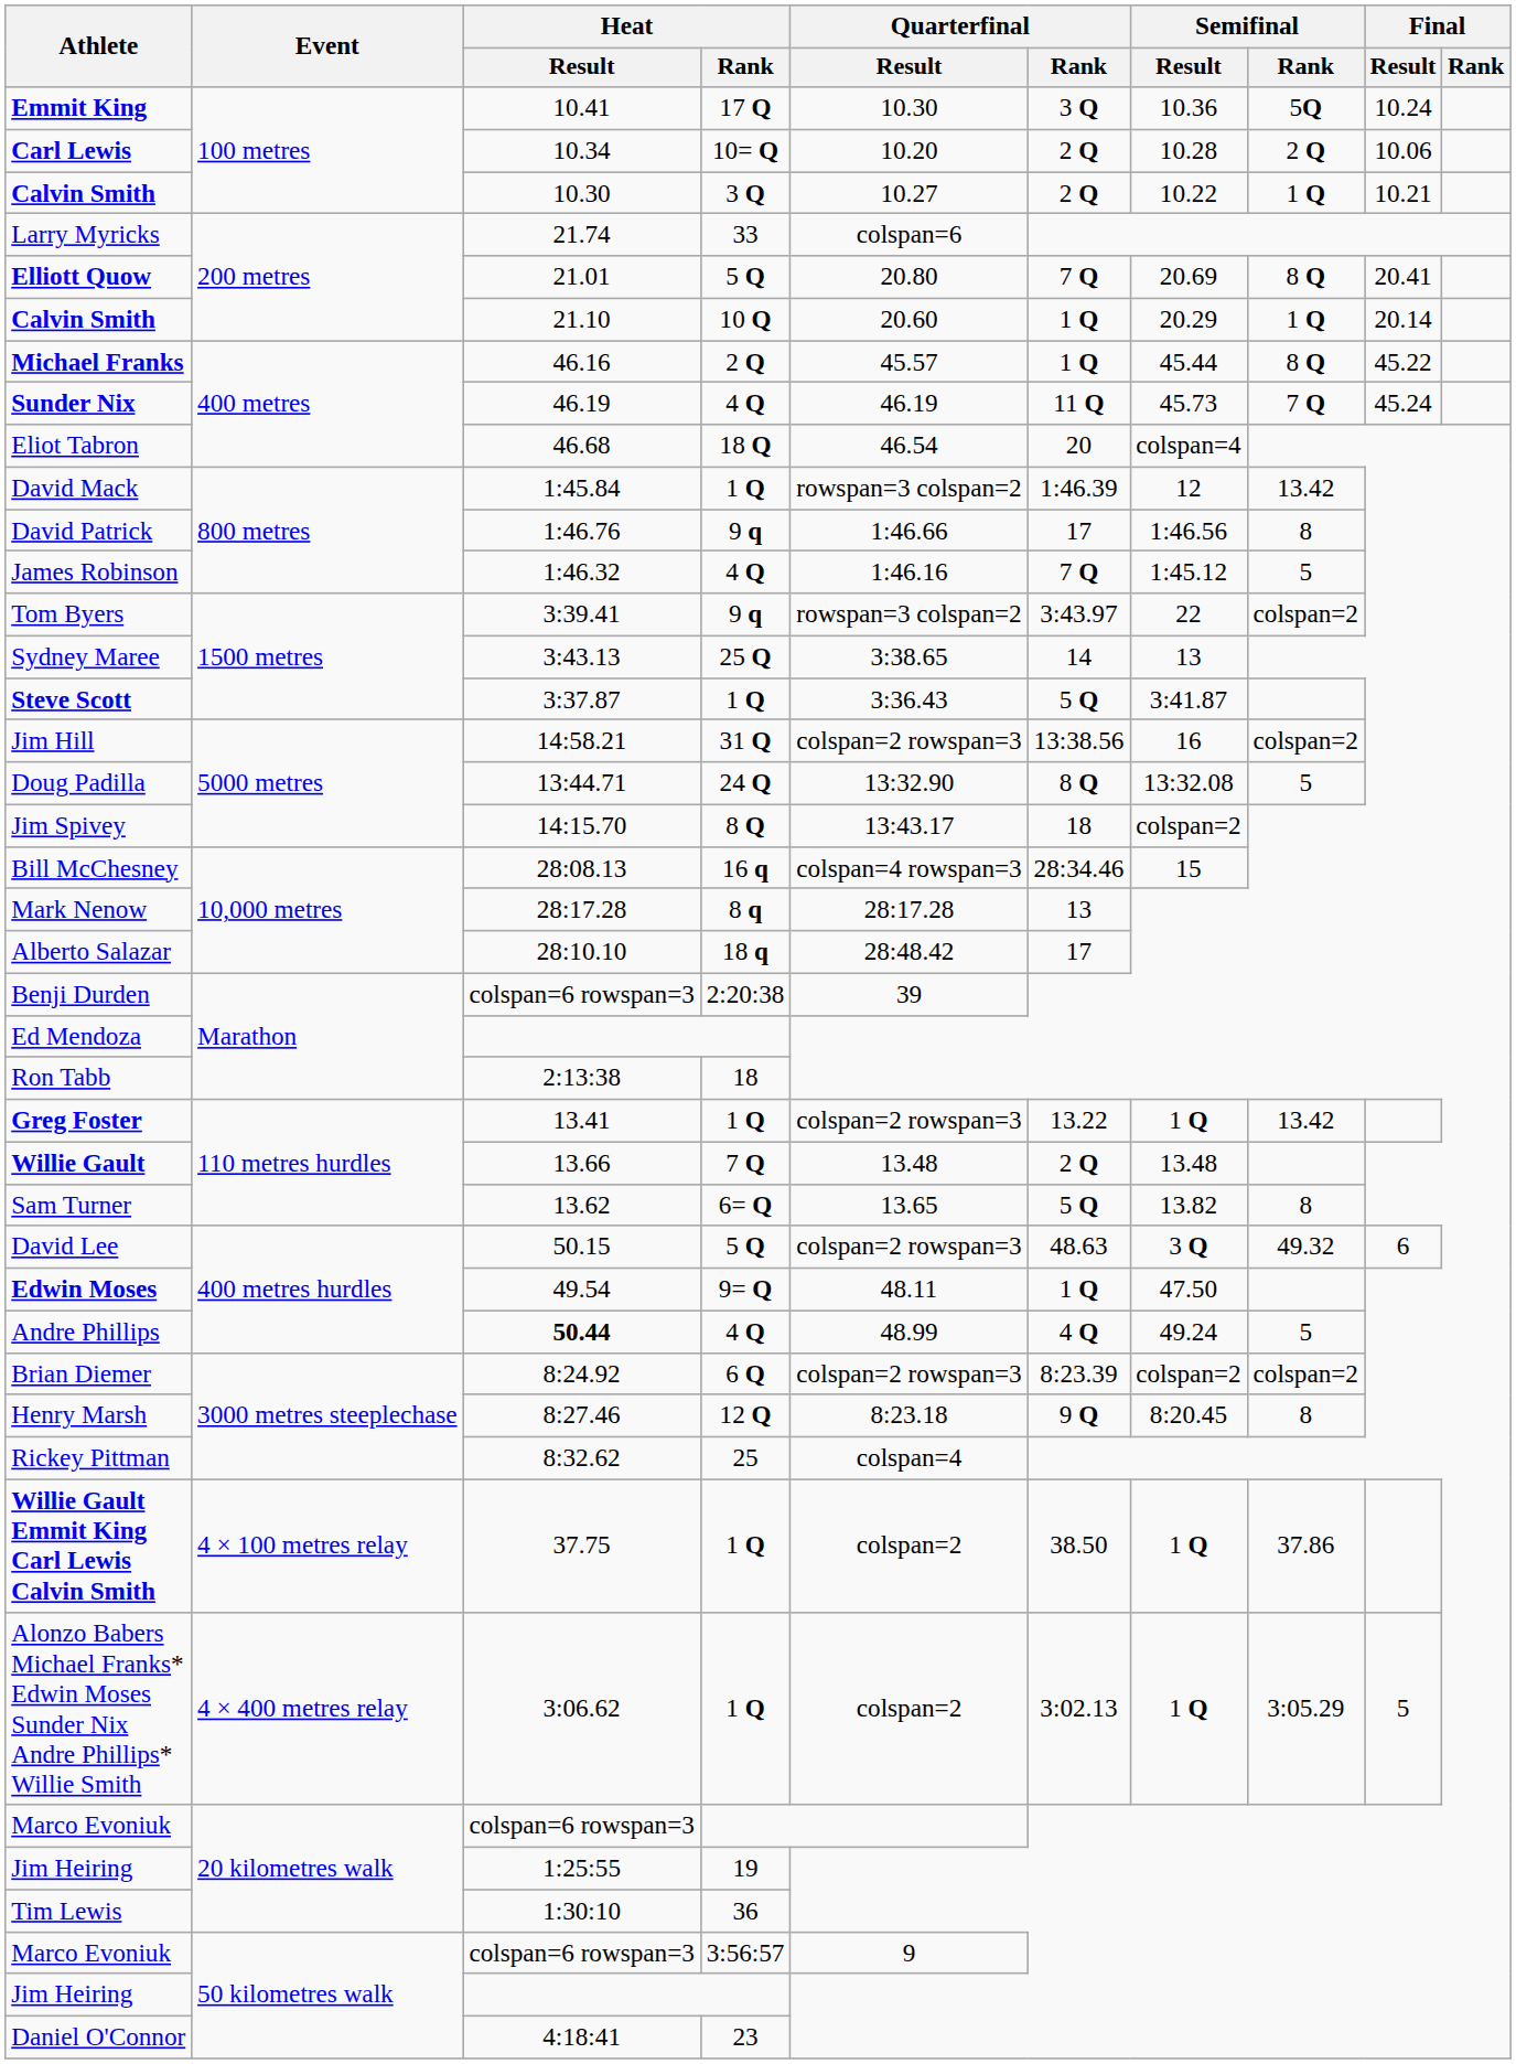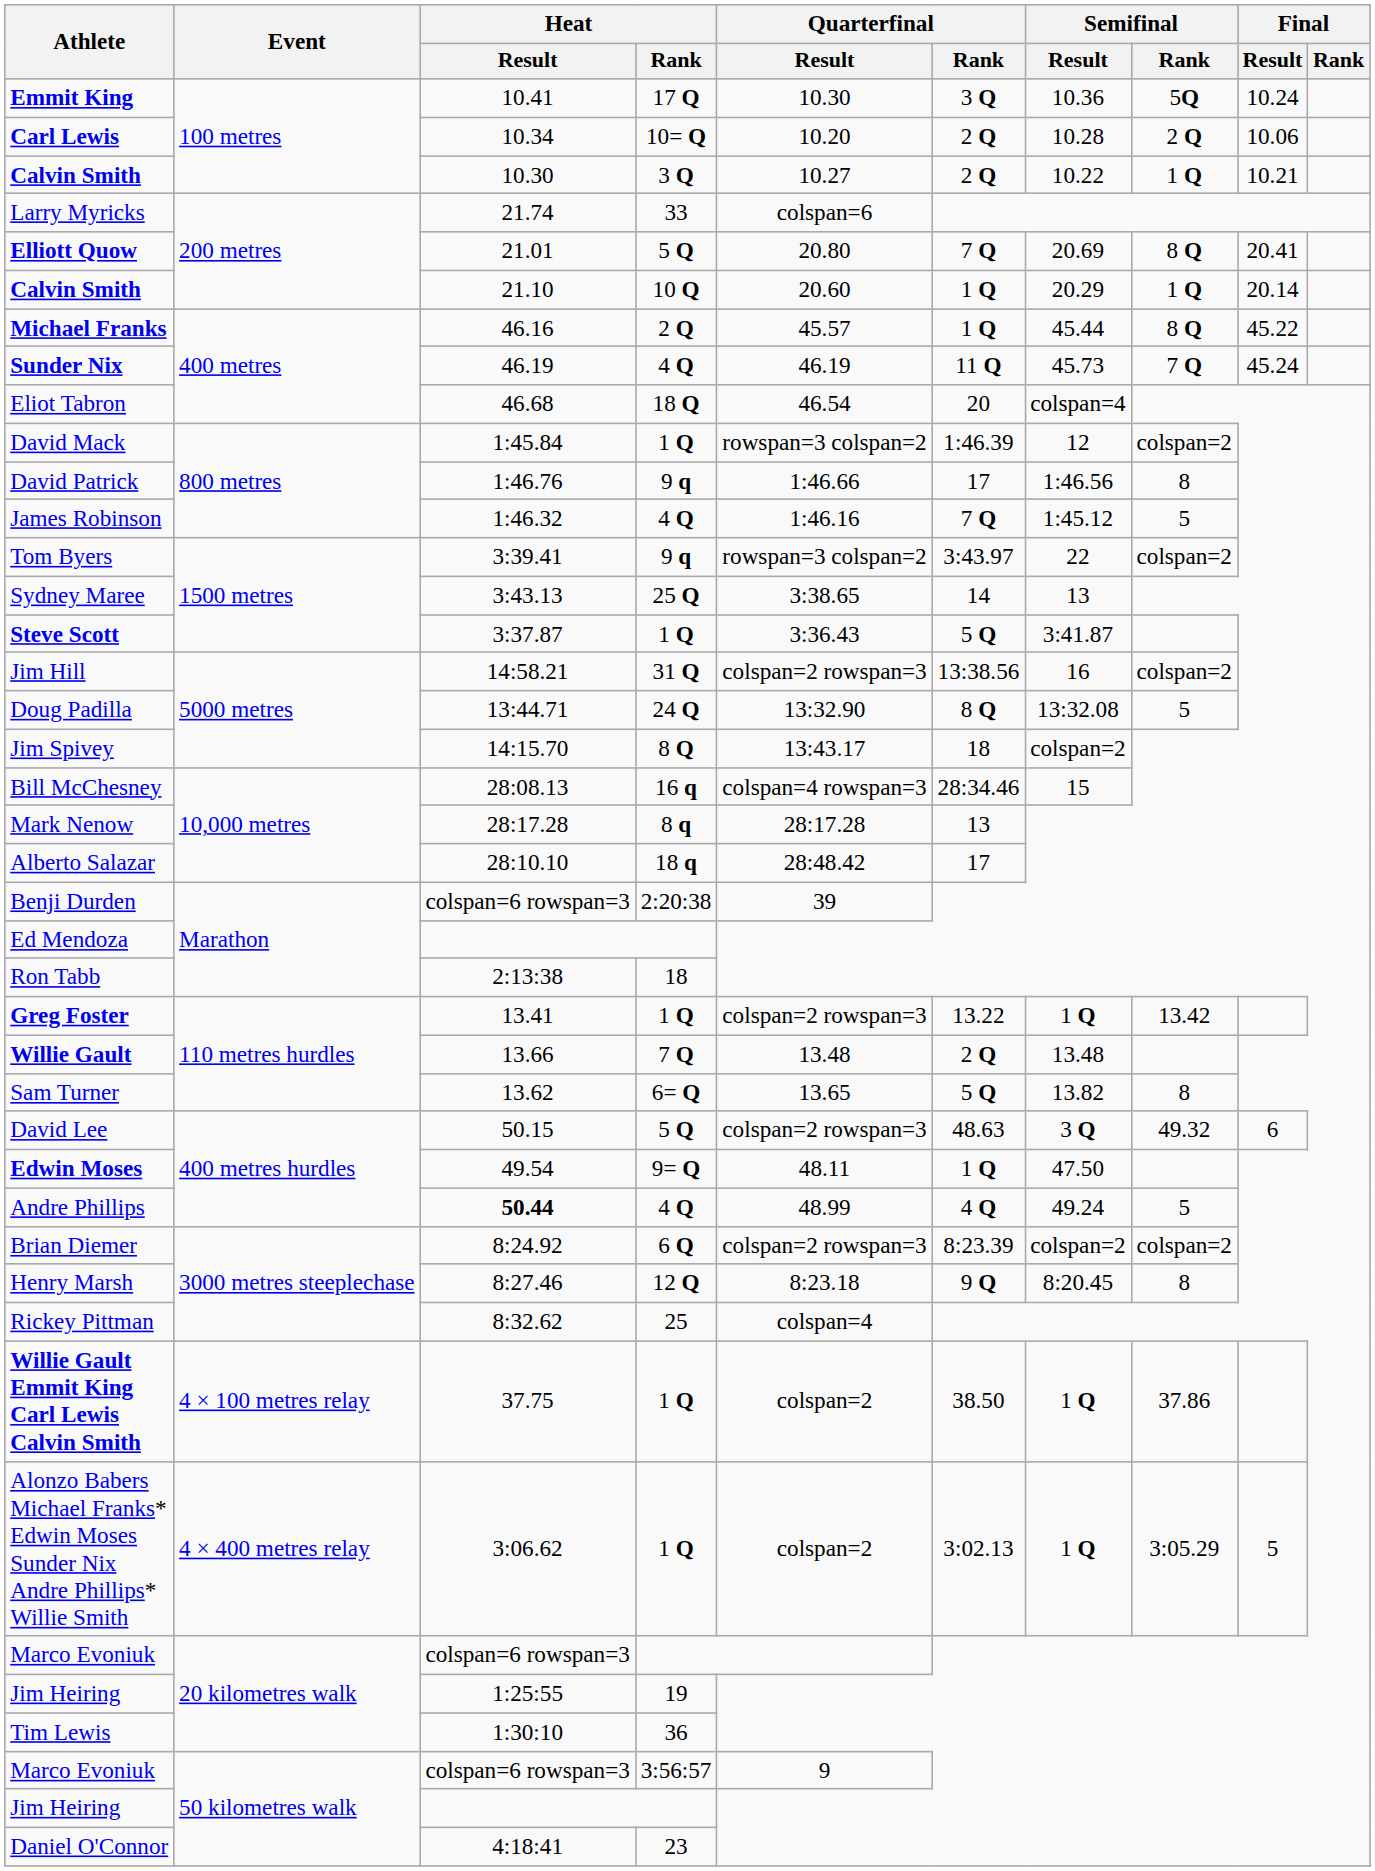 <table class=wikitable style=font-size:90%>
 <tr>
 <th rowspan=2>Athlete</th>
 <th rowspan=2>Event</th>
 <th colspan=2>Heat</th>
 <th colspan=2>Quarterfinal</th>
 <th colspan=2>Semifinal</th>
 <th colspan=2>Final</th>
 </tr>
 <tr style=font-size:95%>
 <th>Result</th>
 <th>Rank</th>
 <th>Result</th>
 <th>Rank</th>
 <th>Result</th>
 <th>Rank</th>
 <th>Result</th>
 <th>Rank</th>
 </tr>
 <tr align=center>
 <td align=left><strong><a href='#'>Emmit King</a></strong></td>
 <td align=left rowspan=3><a href='#'>100 metres</a></td>
 <td>10.41</td>
 <td>17 <strong>Q</strong></td>
 <td>10.30</td>
 <td>3 <strong>Q</strong></td>
 <td>10.36</td>
 <td>5<strong>Q</strong></td>
 <td>10.24</td>
 <td></td>
 </tr>
 <tr align=center>
 <td align=left><strong><a href='#'>Carl Lewis</a></strong></td>
 <td>10.34</td>
 <td>10= <strong>Q</strong></td>
 <td>10.20</td>
 <td>2 <strong>Q</strong></td>
 <td>10.28</td>
 <td>2 <strong>Q</strong></td>
 <td>10.06</td>
 <td></td>
 </tr>
 <tr align=center>
 <td align=left><strong><a href='#'>Calvin Smith</a></strong></td>
 <td>10.30</td>
 <td>3 <strong>Q</strong></td>
 <td>10.27</td>
 <td>2 <strong>Q</strong></td>
 <td>10.22</td>
 <td>1 <strong>Q</strong></td>
 <td>10.21</td>
 <td></td>
 </tr>
 <tr align=center>
 <td align=left><a href='#'>Larry Myricks</a></td>
 <td align=left rowspan=3><a href='#'>200 metres</a></td>
 <td>21.74</td>
 <td>33</td>
 <td>colspan=6 </td>
 </tr>
 <tr align=center>
 <td align=left><strong><a href='#'>Elliott Quow</a></strong></td>
 <td>21.01</td>
 <td>5 <strong>Q</strong></td>
 <td>20.80</td>
 <td>7 <strong>Q</strong></td>
 <td>20.69</td>
 <td>8 <strong>Q</strong></td>
 <td>20.41</td>
 <td></td>
 </tr>
 <tr align=center>
 <td align=left><strong><a href='#'>Calvin Smith</a></strong></td>
 <td>21.10</td>
 <td>10 <strong>Q</strong></td>
 <td>20.60</td>
 <td>1 <strong>Q</strong></td>
 <td>20.29</td>
 <td>1 <strong>Q</strong></td>
 <td>20.14</td>
 <td></td>
 </tr>
 <tr align=center>
 <td align=left><strong><a href='#'>Michael Franks</a></strong></td>
 <td align=left rowspan=3><a href='#'>400 metres</a></td>
 <td>46.16</td>
 <td>2 <strong>Q</strong></td>
 <td>45.57</td>
 <td>1 <strong>Q</strong></td>
 <td>45.44</td>
 <td>8 <strong>Q</strong></td>
 <td>45.22</td>
 <td></td>
 </tr>
 <tr align=center>
 <td align=left><strong><a href='#'>Sunder Nix</a></strong></td>
 <td>46.19</td>
 <td>4 <strong>Q</strong></td>
 <td>46.19</td>
 <td>11 <strong>Q</strong></td>
 <td>45.73</td>
 <td>7 <strong>Q</strong></td>
 <td>45.24</td>
 <td></td>
 </tr>
 <tr align=center>
 <td align=left><a href='#'>Eliot Tabron</a></td>
 <td>46.68</td>
 <td>18 <strong>Q</strong></td>
 <td>46.54</td>
 <td>20</td>
 <td>colspan=4 </td>
 </tr>
 <tr align=center>
 <td align=left><a href='#'>David Mack</a></td>
 <td align=left rowspan=3><a href='#'>800 metres</a></td>
 <td>1:45.84</td>
 <td>1 <strong>Q</strong></td>
 <td>rowspan=3 colspan=2 </td>
 <td>1:46.39</td>
 <td>12</td>
-<td>13.42</td>
+<td>colspan=2 </td>
 </tr>
 <tr align=center>
 <td align=left><a href='#'>David Patrick</a></td>
 <td>1:46.76</td>
 <td>9 <strong>q</strong></td>
 <td>1:46.66</td>
 <td>17</td>
 <td>1:46.56</td>
 <td>8</td>
 </tr>
 <tr align=center>
 <td align=left><a href='#'>James Robinson</a></td>
 <td>1:46.32</td>
 <td>4 <strong>Q</strong></td>
 <td>1:46.16</td>
 <td>7 <strong>Q</strong></td>
 <td>1:45.12</td>
 <td>5</td>
 </tr>
 <tr align=center>
 <td align=left><a href='#'>Tom Byers</a></td>
 <td align=left rowspan=3><a href='#'>1500 metres</a></td>
 <td>3:39.41</td>
 <td>9 <strong>q</strong></td>
 <td>rowspan=3 colspan=2 </td>
 <td>3:43.97</td>
 <td>22</td>
 <td>colspan=2 </td>
 </tr>
 <tr align=center>
 <td align=left><a href='#'>Sydney Maree</a></td>
 <td>3:43.13</td>
 <td>25 <strong>Q</strong></td>
 <td>3:38.65</td>
 <td>14</td>
 <td>13</td>
 </tr>
 <tr align=center>
 <td align=left><strong><a href='#'>Steve Scott</a></strong></td>
 <td>3:37.87</td>
 <td>1 <strong>Q</strong></td>
 <td>3:36.43</td>
 <td>5 <strong>Q</strong></td>
 <td>3:41.87</td>
 <td></td>
 </tr>
 <tr align=center>
 <td align=left><a href='#'>Jim Hill</a></td>
 <td align=left rowspan=3><a href='#'>5000 metres</a></td>
 <td>14:58.21</td>
 <td>31 <strong>Q</strong></td>
 <td>colspan=2 rowspan=3 </td>
 <td>13:38.56</td>
 <td>16</td>
 <td>colspan=2 </td>
 </tr>
 <tr align=center>
 <td align=left><a href='#'>Doug Padilla</a></td>
 <td>13:44.71</td>
 <td>24 <strong>Q</strong></td>
 <td>13:32.90</td>
 <td>8 <strong>Q</strong></td>
 <td>13:32.08</td>
 <td>5</td>
 </tr>
 <tr align=center>
 <td align=left><a href='#'>Jim Spivey</a></td>
 <td>14:15.70</td>
 <td>8 <strong>Q</strong></td>
 <td>13:43.17</td>
 <td>18</td>
 <td>colspan=2 </td>
 </tr>
 <tr align=center>
 <td align=left><a href='#'>Bill McChesney</a></td>
 <td align=left rowspan=3><a href='#'>10,000 metres</a></td>
 <td>28:08.13</td>
 <td>16 <strong>q</strong></td>
 <td>colspan=4 rowspan=3 </td>
 <td>28:34.46</td>
 <td>15</td>
 </tr>
 <tr align=center>
 <td align=left><a href='#'>Mark Nenow</a></td>
 <td>28:17.28</td>
 <td>8 <strong>q</strong></td>
 <td>28:17.28</td>
 <td>13</td>
 </tr>
 <tr align=center>
 <td align=left><a href='#'>Alberto Salazar</a></td>
 <td>28:10.10</td>
 <td>18 <strong>q</strong></td>
 <td>28:48.42</td>
 <td>17</td>
 </tr>
 <tr align=center>
 <td align=left><a href='#'>Benji Durden</a></td>
 <td align=left rowspan=3><a href='#'>Marathon</a></td>
 <td>colspan=6 rowspan=3 </td>
 <td>2:20:38</td>
 <td>39</td>
 </tr>
 <tr align=center>
 <td align=left><a href='#'>Ed Mendoza</a></td>
 <td colspan=2></td>
 </tr>
 <tr align=center>
 <td align=left><a href='#'>Ron Tabb</a></td>
 <td>2:13:38</td>
 <td>18</td>
 </tr>
 <tr align=center>
 <td align=left><strong><a href='#'>Greg Foster</a></strong></td>
 <td align=left rowspan=3><a href='#'>110 metres hurdles</a></td>
 <td>13.41</td>
 <td>1 <strong>Q</strong></td>
 <td>colspan=2 rowspan=3 </td>
 <td>13.22</td>
 <td>1 <strong>Q</strong></td>
 <td>13.42</td>
 <td></td>
 </tr>
 <tr align=center>
 <td align=left><strong><a href='#'>Willie Gault</a></strong></td>
 <td>13.66</td>
 <td>7 <strong>Q</strong></td>
 <td>13.48</td>
 <td>2 <strong>Q</strong></td>
 <td>13.48</td>
 <td></td>
 </tr>
 <tr align=center>
 <td align=left><a href='#'>Sam Turner</a></td>
 <td>13.62</td>
 <td>6= <strong>Q</strong></td>
 <td>13.65</td>
 <td>5 <strong>Q</strong></td>
 <td>13.82</td>
 <td>8</td>
 </tr>
 <tr align=center>
 <td align=left><a href='#'>David Lee</a></td>
 <td align=left rowspan=3><a href='#'>400 metres hurdles</a></td>
 <td>50.15</td>
 <td>5 <strong>Q</strong></td>
 <td>colspan=2 rowspan=3 </td>
 <td>48.63</td>
 <td>3 <strong>Q</strong></td>
 <td>49.32</td>
 <td>6</td>
 </tr>
 <tr align=center>
 <td align=left><strong><a href='#'>Edwin Moses</a></strong></td>
 <td>49.54</td>
 <td>9= <strong>Q</strong></td>
 <td>48.11</td>
 <td>1 <strong>Q</strong></td>
 <td>47.50</td>
 <td></td>
 </tr>
 <tr align=center>
 <td align=left><a href='#'>Andre Phillips</a></td>
 <td><strong>50.44</strong></td>
 <td>4 <strong>Q</strong></td>
 <td>48.99</td>
 <td>4 <strong>Q</strong></td>
 <td>49.24</td>
 <td>5</td>
 </tr>
 <tr align=center>
 <td align=left><a href='#'>Brian Diemer</a></td>
 <td align=left rowspan=3><a href='#'>3000 metres steeplechase</a></td>
 <td>8:24.92</td>
 <td>6 <strong>Q</strong></td>
 <td>colspan=2 rowspan=3 </td>
 <td>8:23.39</td>
 <td>colspan=2 </td>
 <td>colspan=2 </td>
 </tr>
 <tr align=center>
 <td align=left><a href='#'>Henry Marsh</a></td>
 <td>8:27.46</td>
 <td>12 <strong>Q</strong></td>
 <td>8:23.18</td>
 <td>9 <strong>Q</strong></td>
 <td>8:20.45</td>
 <td>8</td>
 </tr>
 <tr align=center>
 <td align=left><a href='#'>Rickey Pittman</a></td>
 <td>8:32.62</td>
 <td>25</td>
 <td>colspan=4 </td>
 </tr>
 <tr align=center>
 <td align=left><strong><a href='#'>Willie Gault</a><br><a href='#'>Emmit King</a><br><a href='#'>Carl Lewis</a><br><a href='#'>Calvin Smith</a></strong></td>
 <td align=left><a href='#'>4 × 100 metres relay</a></td>
 <td>37.75</td>
 <td>1 <strong>Q</strong></td>
 <td>colspan=2 </td>
 <td>38.50</td>
 <td>1 <strong>Q</strong></td>
 <td>37.86</td>
 <td></td>
 </tr>
 <tr align=center>
 <td align=left><a href='#'>Alonzo Babers</a><br><a href='#'>Michael Franks</a>*<br><a href='#'>Edwin Moses</a><br><a href='#'>Sunder Nix</a><br><a href='#'>Andre Phillips</a>*<br><a href='#'>Willie Smith</a><br></td>
 <td align=left><a href='#'>4 × 400 metres relay</a></td>
 <td>3:06.62</td>
 <td>1 <strong>Q</strong></td>
 <td>colspan=2 </td>
 <td>3:02.13</td>
 <td>1 <strong>Q</strong></td>
 <td>3:05.29</td>
 <td>5</td>
 </tr>
 <tr align=center>
 <td align=left><a href='#'>Marco Evoniuk</a></td>
 <td align=left rowspan=3><a href='#'>20 kilometres walk</a></td>
 <td>colspan=6 rowspan=3 </td>
 <td colspan=2></td>
 </tr>
 <tr align=center>
 <td align=left><a href='#'>Jim Heiring</a></td>
 <td>1:25:55</td>
 <td>19</td>
 </tr>
 <tr align=center>
 <td align=left><a href='#'>Tim Lewis</a></td>
 <td>1:30:10</td>
 <td>36</td>
 </tr>
 <tr align=center>
 <td align=left><a href='#'>Marco Evoniuk</a></td>
 <td align=left rowspan=3><a href='#'>50 kilometres walk</a></td>
 <td>colspan=6 rowspan=3 </td>
 <td>3:56:57</td>
 <td>9</td>
 </tr>
 <tr align=center>
 <td align=left><a href='#'>Jim Heiring</a></td>
 <td colspan=2></td>
 </tr>
 <tr align=center>
 <td align=left><a href='#'>Daniel O'Connor</a></td>
 <td>4:18:41</td>
 <td>23</td>
 </tr>
 </table>
